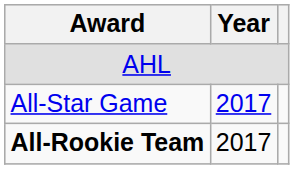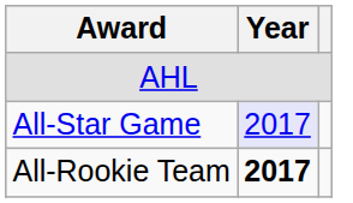 <table class="wikitable">
 <tr>
 <th>Award</th>
 <th>Year</th>
 <th></th>
 </tr>
 <tr ALIGN="center" bgcolor="#e0e0e0">
 <td colspan="3"><a href='#'>AHL</a></td>
 </tr>
 <tr>
 <td><a href='#'>All-Star Game</a></td>
-<td><a href='#'>2017</a></td>
+<td style="background: lavender;"><a href='#'>2017</a></td>
 <td></td>
 </tr>
 <tr>
-<td><strong>All-Rookie Team</strong></td>
-<td>2017</td>
+<td>All-Rookie Team</td>
+<td><strong>2017</strong></td>
 <td></td>
 </tr>
 </table>
